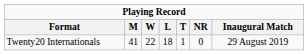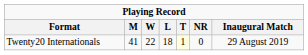 <table class="wikitable" style="text-align: center; width: 500px;">
 <tr>
 <td colspan=7 align="center"><strong>Playing Record</strong></td>
 </tr>
 <tr>
 <th>Format</th>
 <th>M</th>
 <th>W</th>
 <th>L</th>
 <th>T</th>
 <th>NR</th>
 <th>Inaugural Match</th>
 </tr>
 <tr>
 <td align="left">Twenty20 Internationals</td>
 <td>41</td>
 <td>22</td>
 <td>18</td>
-<td>1</td>
+<td style="background: lightyellow;">1</td>
 <td>0</td>
 <td>29 August 2019</td>
 </tr>
 </table>
